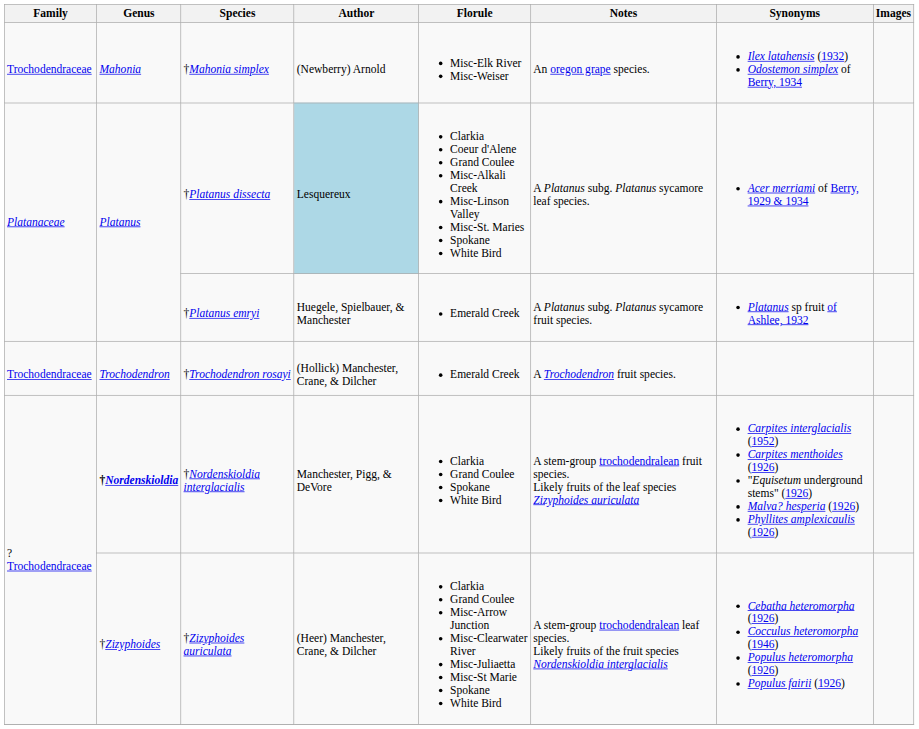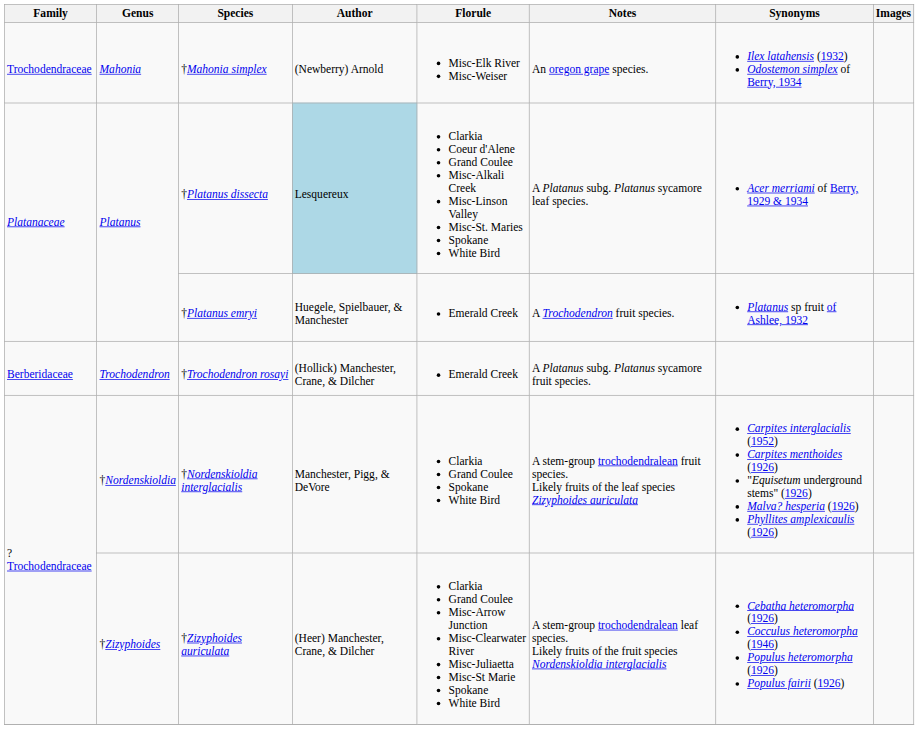 <table class="wikitable sortable mw-collapsible" style="margin:auto; width:100%">
 <tr>
 <th>Family</th>
 <th>Genus</th>
 <th>Species</th>
 <th>Author</th>
 <th>Florule</th>
 <th>Notes</th>
 <th>Synonyms</th>
 <th>Images</th>
 </tr>
 <tr>
 <td><br><a href='#'>Trochodendraceae</a></td>
 <td><br><em><a href='#'>Mahonia</a></em></td>
 <td><br>†<em><a href='#'>Mahonia simplex</a></em></td>
 <td><br>(Newberry) Arnold</td>
 <td><br><ul><li>Misc-Elk River</li><li>Misc-Weiser</li></ul></td>
 <td><br>An <a href='#'>oregon grape</a> species.</td>
 <td><br><ul><li><em><a href='#'>Ilex latahensis</a></em> (<a href='#'>1932</a>)</li><li><em><a href='#'>Odostemon simplex</a></em> of <a href='#'>Berry, 1934</a></li></ul></td>
 <td></td>
 </tr>
 <tr>
 <td rowspan=2><em><a href='#'>Platanaceae</a></em></td>
 <td rowspan=2><em><a href='#'>Platanus</a></em></td>
 <td><br>†<em><a href='#'>Platanus dissecta</a></em></td>
 <td style="background: lightblue;"><br>Lesquereux</td>
 <td><br><ul><li>Clarkia</li><li>Coeur d'Alene</li><li>Grand Coulee</li><li>Misc-Alkali Creek</li><li>Misc-Linson Valley</li><li>Misc-St. Maries</li><li>Spokane</li><li>White Bird</li></ul></td>
 <td><br>A <em>Platanus</em> subg. <em>Platanus</em> sycamore leaf species.</td>
 <td><br><ul><li><em><a href='#'>Acer merriami</a></em> of <a href='#'>Berry, 1929 & 1934</a></li></ul></td>
 <td><br></td>
 </tr>
 <tr>
 <td><br>†<em><a href='#'>Platanus emryi</a></em></td>
 <td><br>Huegele, Spielbauer, & Manchester</td>
 <td><br><ul><li>Emerald Creek</li></ul></td>
-<td><br>A <em>Platanus</em> subg. <em>Platanus</em> sycamore fruit species.</td>
+<td><br>A <em><a href='#'>Trochodendron</a></em> fruit species.</td>
 <td><br><ul><li><em><a href='#'>Platanus</a></em> sp fruit <a href='#'>of Ashlee, 1932</a></li></ul></td>
 <td></td>
 </tr>
 <tr>
-<td><br><a href='#'>Trochodendraceae</a></td>
+<td><br><a href='#'>Berberidaceae</a></td>
 <td><br><em><a href='#'>Trochodendron</a></em></td>
 <td><br>†<em><a href='#'>Trochodendron rosayi</a></em></td>
 <td><br>(Hollick) Manchester, Crane, & Dilcher</td>
 <td><br><ul><li>Emerald Creek</li></ul></td>
-<td><br>A <em><a href='#'>Trochodendron</a></em> fruit species.</td>
+<td><br>A <em>Platanus</em> subg. <em>Platanus</em> sycamore fruit species.</td>
 <td></td>
 <td></td>
 </tr>
 <tr>
 <td rowspan=2>?<a href='#'>Trochodendraceae</a></td>
-<td><strong><br>†<em><a href='#'>Nordenskioldia</a></em></strong></td>
+<td><br>†<em><a href='#'>Nordenskioldia</a></em></td>
 <td><br>†<em><a href='#'>Nordenskioldia interglacialis</a></em></td>
 <td><br>Manchester, Pigg, & DeVore</td>
 <td><br><ul><li>Clarkia</li><li>Grand Coulee</li><li>Spokane</li><li>White Bird</li></ul></td>
 <td><br>A stem-group <a href='#'>trochodendralean</a> fruit species.<br>Likely fruits of the leaf species <em><a href='#'>Zizyphoides auriculata</a></em></td>
 <td><br><ul><li><em><a href='#'>Carpites interglacialis</a></em> (<a href='#'>1952</a>)</li><li><em><a href='#'>Carpites menthoides</a></em> (<a href='#'>1926</a>)</li><li>"<em>Equisetum</em> underground stems" (<a href='#'>1926</a>)</li><li><em><a href='#'>Malva? hesperia</a></em> (<a href='#'>1926</a>)</li><li><em><a href='#'>Phyllites amplexicaulis</a></em> (<a href='#'>1926</a>)</li></ul></td>
 <td><br></td>
 </tr>
 <tr>
 <td><br>†<em><a href='#'>Zizyphoides</a></em></td>
 <td><br>†<em><a href='#'>Zizyphoides auriculata</a></em></td>
 <td><br>(Heer) Manchester, Crane, & Dilcher</td>
 <td><br><ul><li>Clarkia</li><li>Grand Coulee</li><li>Misc-Arrow Junction</li><li>Misc-Clearwater River</li><li>Misc-Juliaetta</li><li>Misc-St Marie</li><li>Spokane</li><li>White Bird</li></ul></td>
 <td><br>A stem-group <a href='#'>trochodendralean</a> leaf species.<br>Likely fruits of the fruit species <em><a href='#'>Nordenskioldia interglacialis</a></em></td>
 <td><br><ul><li><em><a href='#'>Cebatha heteromorpha</a></em> (<a href='#'>1926</a>)</li><li><em><a href='#'>Cocculus heteromorpha</a></em> (<a href='#'>1946</a>)</li><li><em><a href='#'>Populus heteromorpha</a></em> (<a href='#'>1926</a>)</li><li><em><a href='#'>Populus fairii</a></em> (<a href='#'>1926</a>)</li></ul></td>
 <td><br></td>
 </tr>
 <tr>
 </tr>
 </table>
